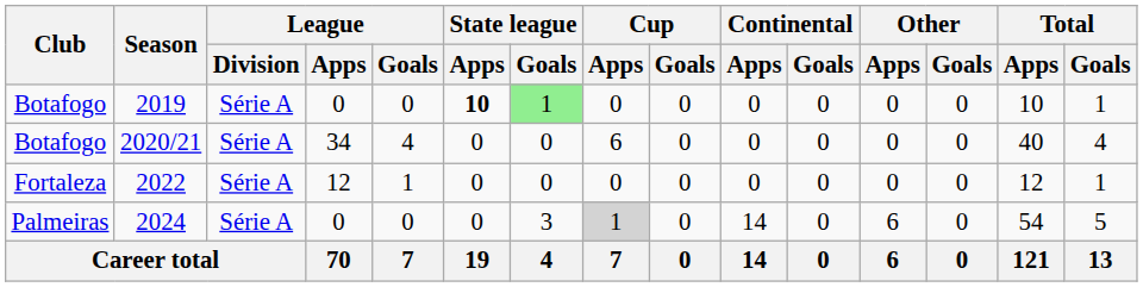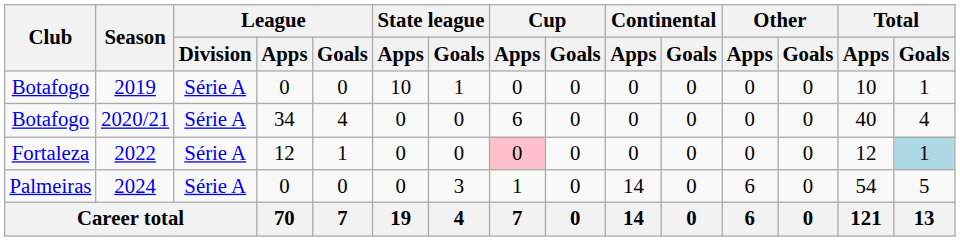 <table class="wikitable" style="text-align: center">
 <tr>
 <th rowspan="2">Club</th>
 <th rowspan="2">Season</th>
 <th colspan="3">League</th>
 <th colspan="2">State league</th>
 <th colspan="2">Cup</th>
 <th colspan="2">Continental</th>
 <th colspan="2">Other</th>
 <th colspan="2">Total</th>
 </tr>
 <tr>
 <th>Division</th>
 <th>Apps</th>
 <th>Goals</th>
 <th>Apps</th>
 <th>Goals</th>
 <th>Apps</th>
 <th>Goals</th>
 <th>Apps</th>
 <th>Goals</th>
 <th>Apps</th>
 <th>Goals</th>
 <th>Apps</th>
 <th>Goals</th>
 </tr>
 <tr>
 <td><a href='#'>Botafogo</a></td>
 <td><a href='#'>2019</a></td>
 <td><a href='#'>Série A</a></td>
 <td>0</td>
 <td>0</td>
-<td><strong>10</strong></td>
-<td style="background: lightgreen;">1</td>
+<td>10</td>
+<td>1</td>
 <td>0</td>
 <td>0</td>
 <td>0</td>
 <td>0</td>
 <td>0</td>
 <td>0</td>
 <td>10</td>
 <td>1</td>
 </tr>
 <tr>
 <td><a href='#'>Botafogo</a></td>
 <td><a href='#'>2020/21</a></td>
 <td><a href='#'>Série A</a></td>
 <td>34</td>
 <td>4</td>
 <td>0</td>
 <td>0</td>
 <td>6</td>
 <td>0</td>
 <td>0</td>
 <td>0</td>
 <td>0</td>
 <td>0</td>
 <td>40</td>
 <td>4</td>
 </tr>
 <tr>
 <td><a href='#'>Fortaleza</a></td>
 <td><a href='#'>2022</a></td>
 <td><a href='#'>Série A</a></td>
 <td>12</td>
 <td>1</td>
 <td>0</td>
 <td>0</td>
-<td>0</td>
+<td style="background: pink;">0</td>
 <td>0</td>
 <td>0</td>
 <td>0</td>
 <td>0</td>
 <td>0</td>
 <td>12</td>
-<td>1</td>
+<td style="background: lightblue;">1</td>
 </tr>
 <tr>
 <td><a href='#'>Palmeiras</a></td>
 <td><a href='#'>2024</a></td>
 <td><a href='#'>Série A</a></td>
 <td>0</td>
 <td>0</td>
 <td>0</td>
 <td>3</td>
-<td style="background: lightgrey;">1</td>
+<td>1</td>
 <td>0</td>
 <td>14</td>
 <td>0</td>
 <td>6</td>
 <td>0</td>
 <td>54</td>
 <td>5</td>
 </tr>
 <tr>
 <th colspan="3"><strong>Career total</strong></th>
 <th>70</th>
 <th>7</th>
 <th>19</th>
 <th>4</th>
 <th>7</th>
 <th>0</th>
 <th>14</th>
 <th>0</th>
 <th>6</th>
 <th>0</th>
 <th>121</th>
 <th>13</th>
 </tr>
 </table>
